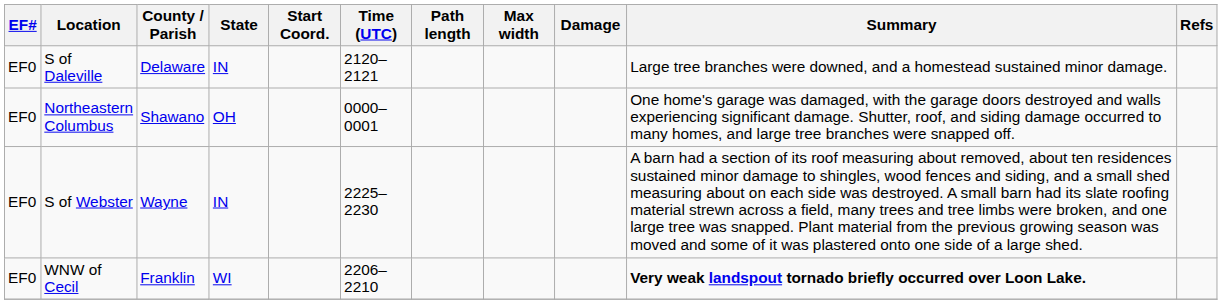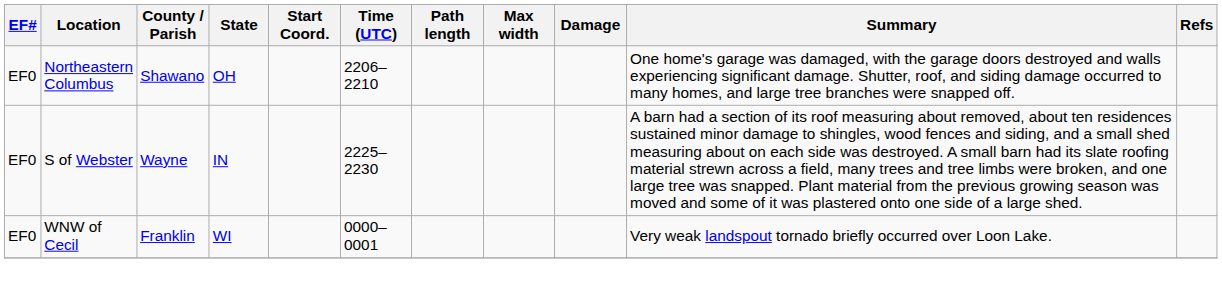 <table class="wikitable sortable" style="width:100%;">
 <tr>
 <th scope="col" width="3%" align="center"><a href='#'>EF#</a></th>
 <th scope="col" width="7%" align="center" class="unsortable">Location</th>
 <th scope="col" width="6%" align="center" class="unsortable">County / Parish</th>
 <th scope="col" width="5%" align="center">State</th>
 <th scope="col" width="6%" align="center">Start Coord.</th>
 <th scope="col" width="6%" align="center">Time (<a href='#'>UTC</a>)</th>
 <th scope="col" width="6%" align="center">Path length</th>
 <th scope="col" width="6%" align="center">Max width</th>
 <th scope="col" width="6%" align="center">Damage</th>
 <th scope="col" width="48%" class="unsortable" align="center">Summary</th>
 <th scope="col" width="48%" class="unsortable" align="center">Refs</th>
 </tr>
 <tr>
 <td>EF0</td>
-<td>S of <a href='#'>Daleville</a></td>
-<td><a href='#'>Delaware</a></td>
-<td><a href='#'>IN</a></td>
-<td></td>
-<td>2120–2121</td>
-<td></td>
-<td></td>
-<td></td>
-<td>Large tree branches were downed, and a homestead sustained minor damage.</td>
-<td></td>
-</tr>
-<tr>
-<td>EF0</td>
 <td><a href='#'>Northeastern Columbus</a></td>
 <td><a href='#'>Shawano</a></td>
 <td><a href='#'>OH</a></td>
 <td></td>
-<td>0000–0001</td>
+<td>2206–2210</td>
 <td></td>
 <td></td>
 <td></td>
 <td>One home's garage was damaged, with the garage doors destroyed and walls experiencing significant damage. Shutter, roof, and siding damage occurred to many homes, and large tree branches were snapped off.</td>
 <td></td>
 </tr>
 <tr>
 <td>EF0</td>
 <td>S of <a href='#'>Webster</a></td>
 <td><a href='#'>Wayne</a></td>
 <td><a href='#'>IN</a></td>
 <td></td>
 <td>2225–2230</td>
 <td></td>
 <td></td>
 <td></td>
 <td>A barn had a section of its roof measuring about  removed, about ten residences sustained minor damage to shingles, wood fences and siding, and a small shed measuring about  on each side was destroyed. A small barn had its slate roofing material strewn across a field, many trees and tree limbs were broken, and one large tree was snapped. Plant material from the previous growing season was moved and some of it was plastered onto one side of a large shed.</td>
 <td></td>
 </tr>
 <tr>
 <td>EF0</td>
 <td>WNW of <a href='#'>Cecil</a></td>
 <td><a href='#'>Franklin</a></td>
 <td><a href='#'>WI</a></td>
 <td></td>
-<td>2206–2210</td>
+<td>0000–0001</td>
 <td></td>
 <td></td>
 <td></td>
-<td><strong>Very weak <a href='#'>landspout</a> tornado briefly occurred over Loon Lake.</strong></td>
+<td>Very weak <a href='#'>landspout</a> tornado briefly occurred over Loon Lake.</td>
 <td></td>
 </tr>
 <tr>
 </tr>
 </table>
